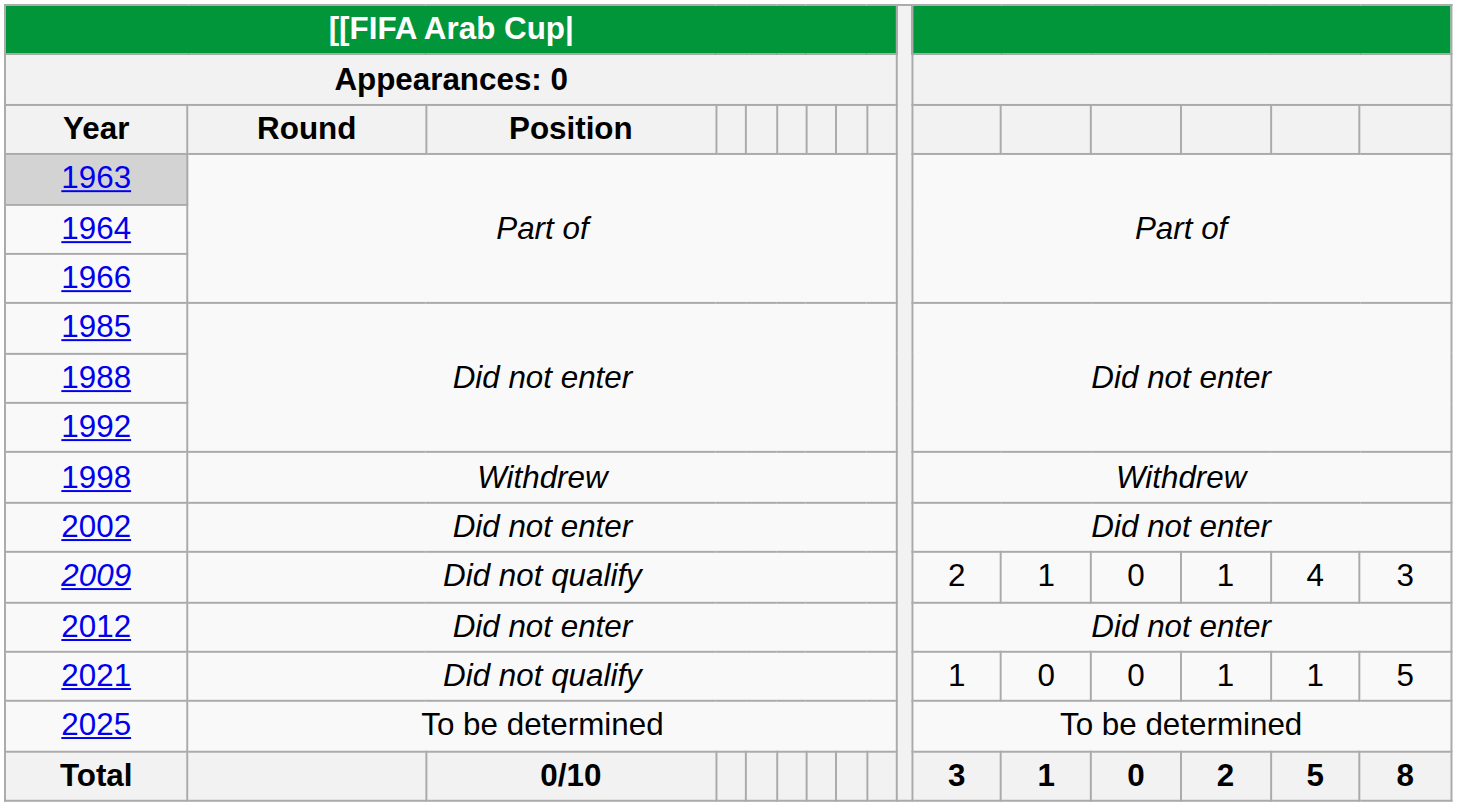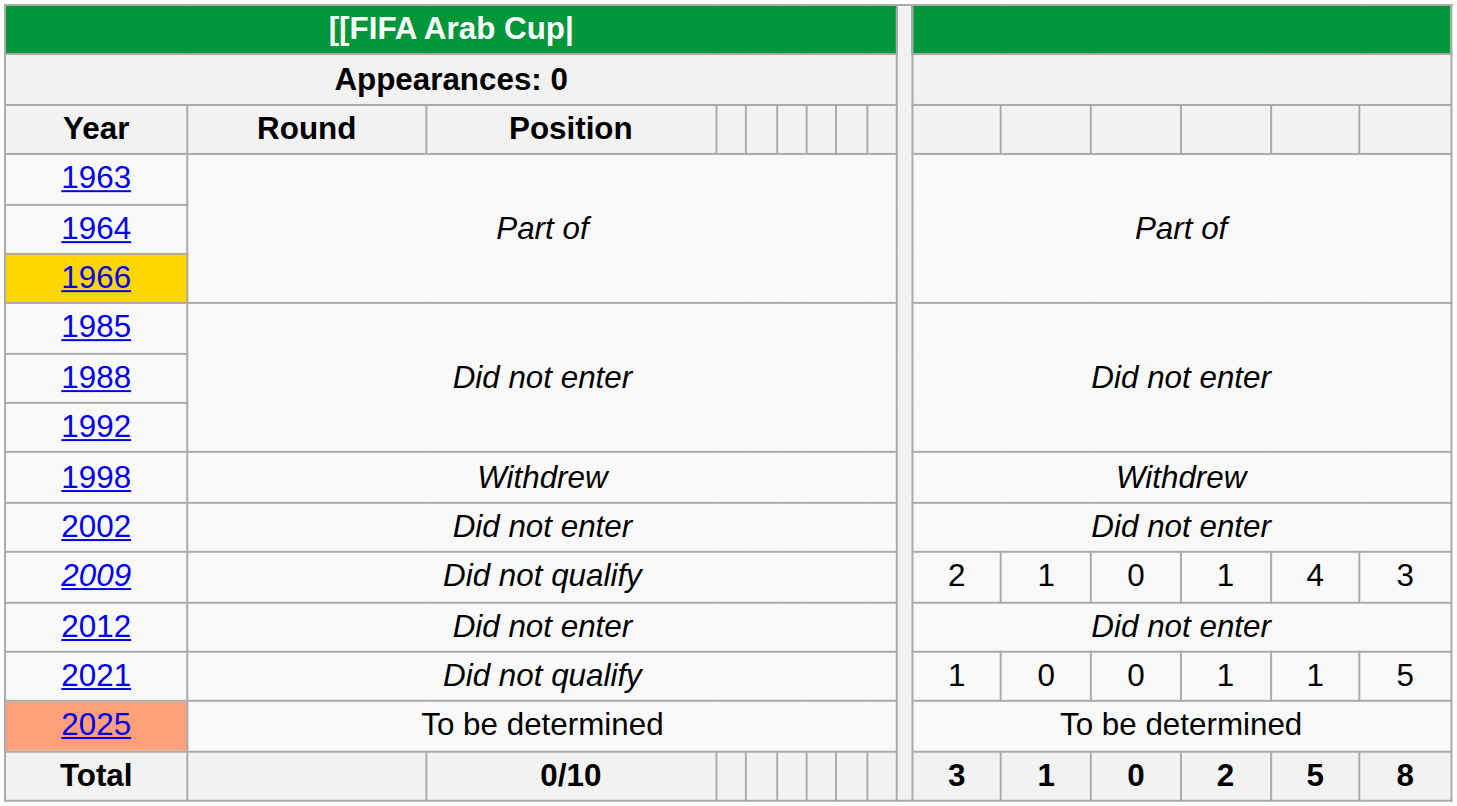 <table class="wikitable" style="text-align: center;">
 <tr>
 <th colspan=9 style="background:#009639; color:white; ">[[FIFA Arab Cup|</th>
 <th rowspan="42" width="1%"></th>
 <th colspan=6 style="background:#009639; color:white; "></th>
 </tr>
 <tr>
 <th colspan=9>Appearances: 0</th>
 <th colspan=9></th>
 </tr>
 <tr>
 <th>Year</th>
 <th>Round</th>
 <th>Position</th>
 <th></th>
 <th></th>
 <th></th>
 <th></th>
 <th></th>
 <th></th>
 <th></th>
 <th></th>
 <th></th>
 <th></th>
 <th></th>
 <th></th>
 </tr>
 <tr>
-<td style="background: lightgrey;"> <a href='#'>1963</a></td>
+<td> <a href='#'>1963</a></td>
 <td colspan=8 rowspan=3><em>Part of </em></td>
 <td colspan=8 rowspan=3><em>Part of </em></td>
 </tr>
 <tr>
 <td> <a href='#'>1964</a></td>
 </tr>
 <tr>
-<td> <a href='#'>1966</a></td>
+<td style="background: gold;"> <a href='#'>1966</a></td>
 </tr>
 <tr>
 <td> <a href='#'>1985</a></td>
 <td colspan=8 rowspan=3><em>Did not enter</em></td>
 <td colspan=8 rowspan=3><em>Did not enter</em></td>
 </tr>
 <tr>
 <td> <a href='#'>1988</a></td>
 </tr>
 <tr>
 <td> <a href='#'>1992</a></td>
 </tr>
 <tr>
 <td> <a href='#'>1998</a></td>
 <td colspan=8><em>Withdrew</em></td>
 <td colspan=8><em>Withdrew</em></td>
 </tr>
 <tr>
 <td> <a href='#'>2002</a></td>
 <td colspan=8><em>Did not enter</em></td>
 <td colspan=8><em>Did not enter</em></td>
 </tr>
 <tr>
 <td> <em><a href='#'>2009</a></em></td>
 <td colspan=8><em>Did not qualify</em> </td>
 <td>2</td>
 <td>1</td>
 <td>0</td>
 <td>1</td>
 <td>4</td>
 <td>3</td>
 </tr>
 <tr>
 <td> <a href='#'>2012</a></td>
 <td colspan=8><em>Did not enter</em></td>
 <td colspan=6><em>Did not enter</em></td>
 </tr>
 <tr>
 <td> <a href='#'>2021</a></td>
 <td colspan=8><em>Did not qualify</em></td>
 <td>1</td>
 <td>0</td>
 <td>0</td>
 <td>1</td>
 <td>1</td>
 <td>5</td>
 </tr>
 <tr>
-<td> <a href='#'>2025</a></td>
+<td style="background: lightsalmon;"> <a href='#'>2025</a></td>
 <td colspan="8" rowspan="1">To be determined</td>
 <td colspan="6">To be determined</td>
 </tr>
 <tr>
 <th>Total</th>
 <th></th>
 <th>0/10</th>
 <th></th>
 <th></th>
 <th></th>
 <th></th>
 <th></th>
 <th></th>
 <th>3</th>
 <th>1</th>
 <th>0</th>
 <th>2</th>
 <th>5</th>
 <th>8</th>
 </tr>
 </table>
